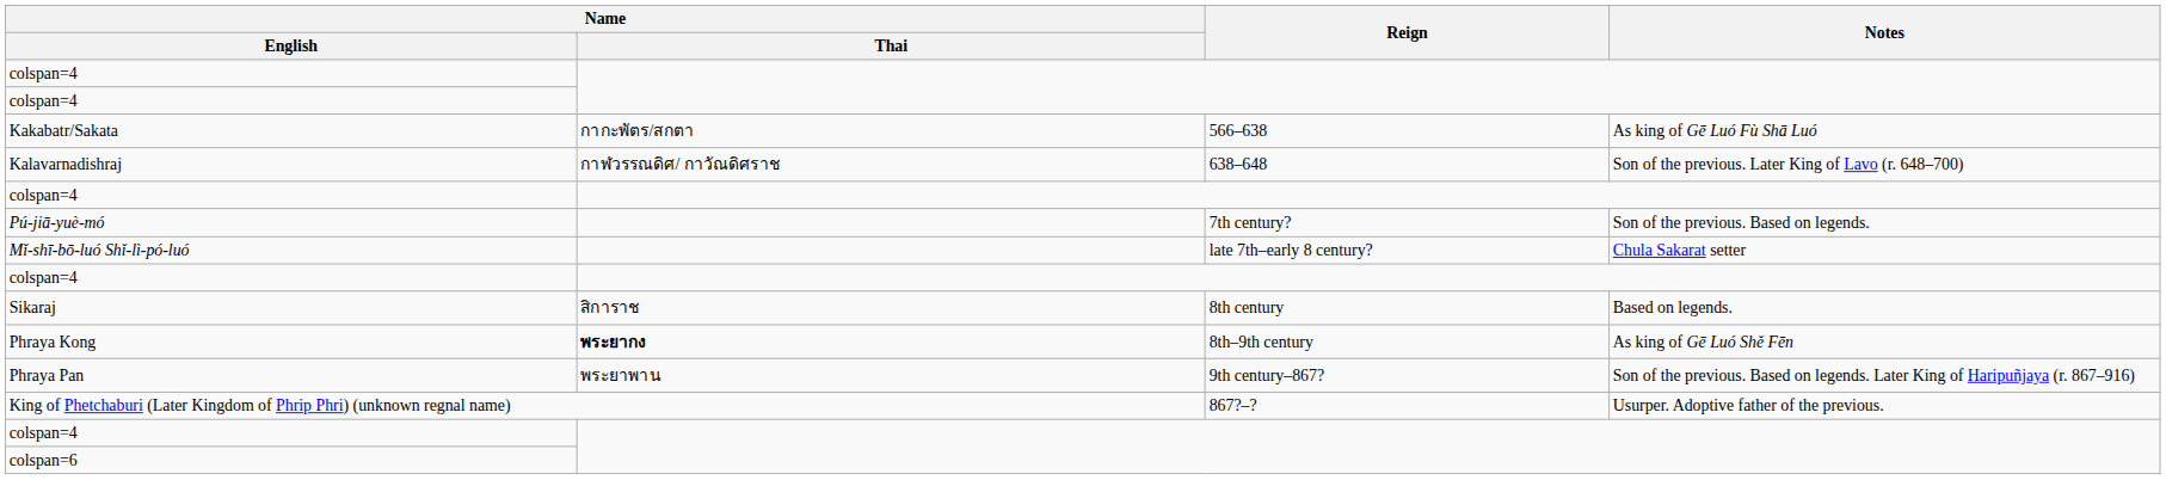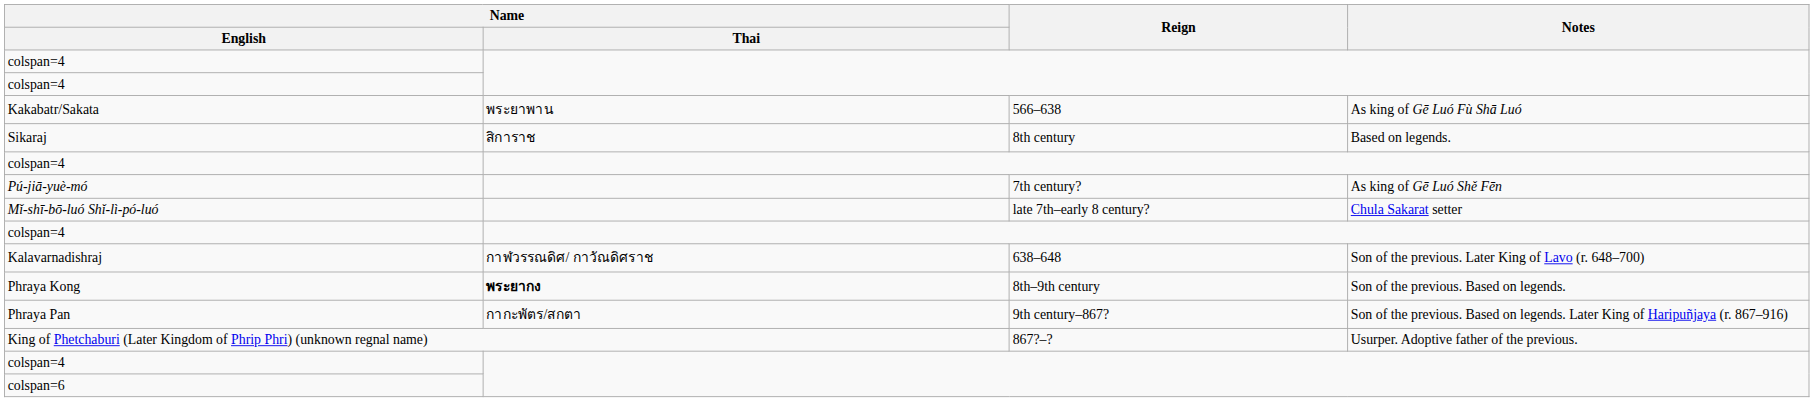 <table class="wikitable" style="font-size:95%; width:100%">
 <tr>
 <th colspan=2>Name</th>
 <th rowspan=2>Reign</th>
 <th rowspan=2 width=500px>Notes</th>
 </tr>
 <tr>
 <th>English</th>
 <th>Thai</th>
 </tr>
 <tr>
 <td>colspan=4 </td>
 </tr>
 <tr>
 <td>colspan=4 </td>
 </tr>
 <tr>
 <td>Kakabatr/Sakata</td>
-<td>กากะพัตร/สกตา</td>
+<td>พระยาพาน</td>
 <td>566–638</td>
 <td>As king of <em>Gē Luó Fù Shā Luó</em></td>
 </tr>
 <tr>
-<td>Kalavarnadishraj</td>
-<td>กาฬวรรณดิศ/ กาวัณดิศราช</td>
-<td>638–648</td>
-<td>Son of the previous. Later King of <a href='#'>Lavo</a> (r. 648–700)</td>
+<td>Sikaraj</td>
+<td>สิการาช</td>
+<td>8th century</td>
+<td>Based on legends.</td>
 </tr>
 <tr>
 <td>colspan=4 </td>
 </tr>
 <tr>
 <td><em>Pú-jiā-yuè-mó</em></td>
 <td></td>
 <td>7th century?</td>
-<td>Son of the previous. Based on legends.</td>
+<td>As king of <em>Gē Luó Shě Fēn</em></td>
 </tr>
 <tr>
 <td><em>Mǐ-shī-bō-luó Shǐ-lì-pó-luó</em></td>
 <td></td>
 <td>late 7th–early 8 century?</td>
 <td><a href='#'>Chula Sakarat</a> setter</td>
 </tr>
 <tr>
 <td>colspan=4 </td>
 </tr>
 <tr>
-<td>Sikaraj</td>
-<td>สิการาช</td>
-<td>8th century</td>
-<td>Based on legends.</td>
+<td>Kalavarnadishraj</td>
+<td>กาฬวรรณดิศ/ กาวัณดิศราช</td>
+<td>638–648</td>
+<td>Son of the previous. Later King of <a href='#'>Lavo</a> (r. 648–700)</td>
 </tr>
 <tr>
 <td>Phraya Kong</td>
 <td><strong>พระยากง</strong></td>
 <td>8th–9th century</td>
-<td>As king of <em>Gē Luó Shě Fēn</em></td>
+<td>Son of the previous. Based on legends.</td>
 </tr>
 <tr>
 <td>Phraya Pan</td>
-<td>พระยาพาน</td>
+<td>กากะพัตร/สกตา</td>
 <td>9th century–867?</td>
 <td>Son of the previous. Based on legends. Later King of <a href='#'>Haripuñjaya</a> (r. 867–916)</td>
 </tr>
 <tr>
 <td colspan=2>King of <a href='#'>Phetchaburi</a> (Later Kingdom of <a href='#'>Phrip Phri</a>) (unknown regnal name)</td>
 <td>867?–?</td>
 <td>Usurper. Adoptive father of the previous.</td>
 </tr>
 <tr>
 <td>colspan=4 </td>
 </tr>
 <tr>
 <td>colspan=6 </td>
 </tr>
 </table>
